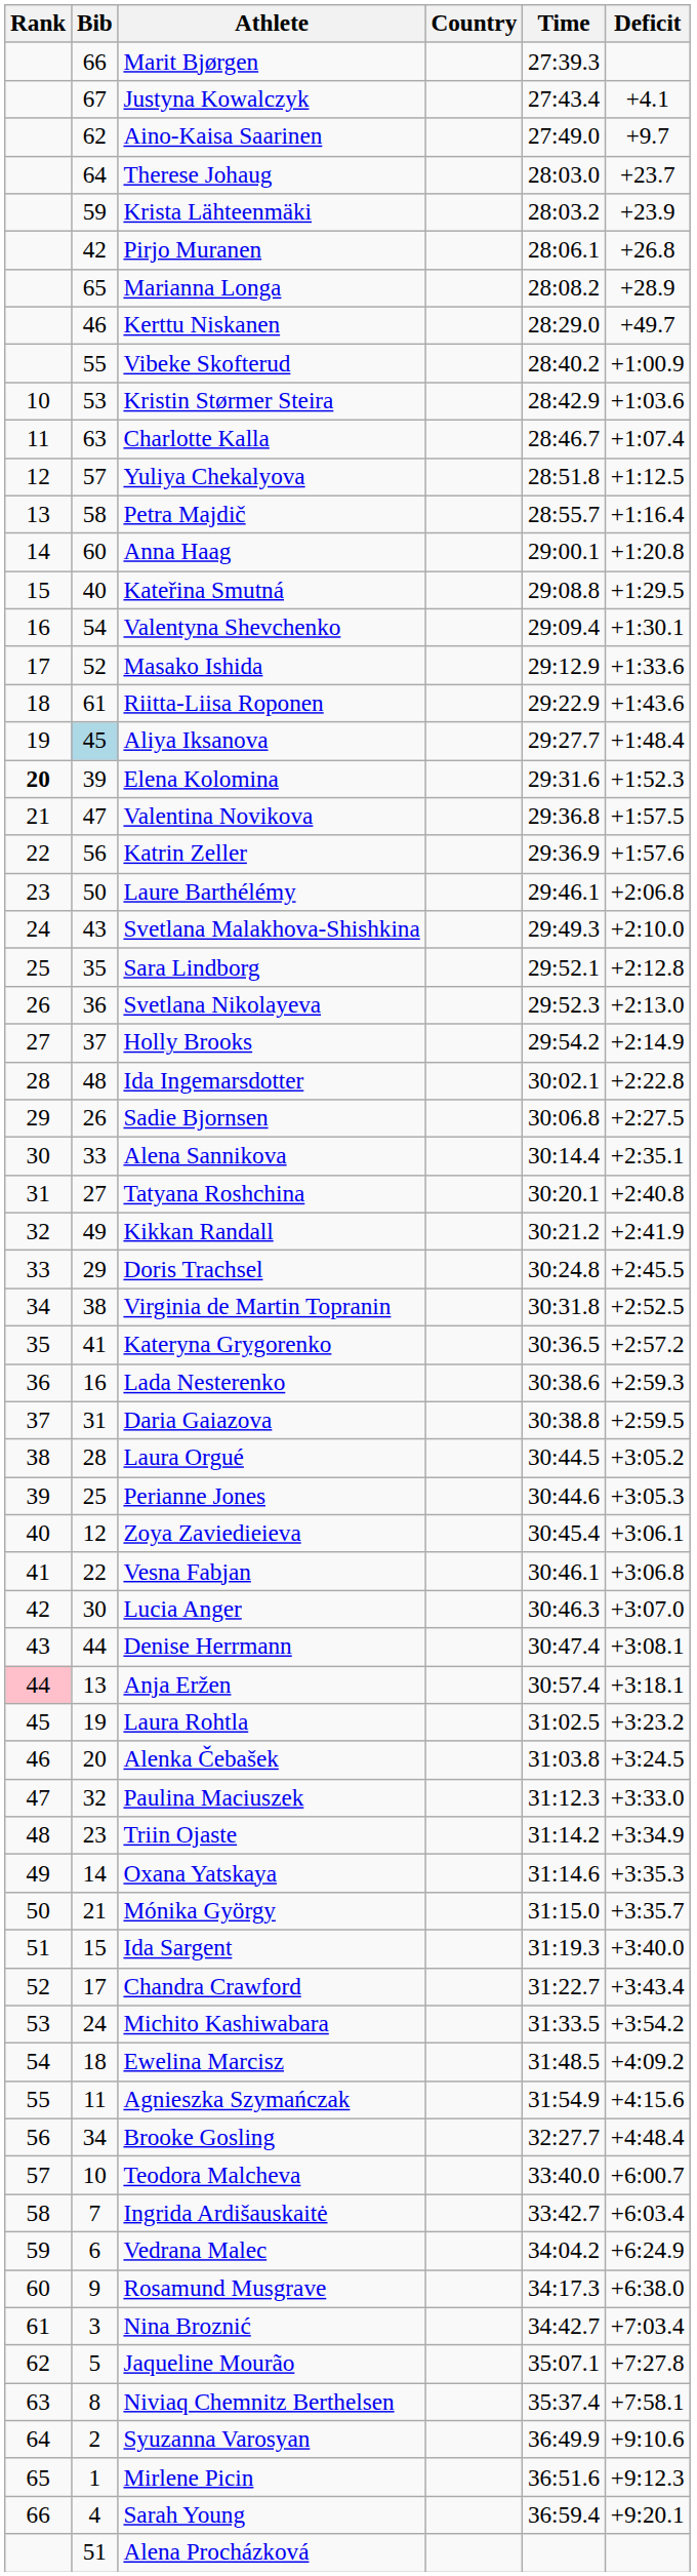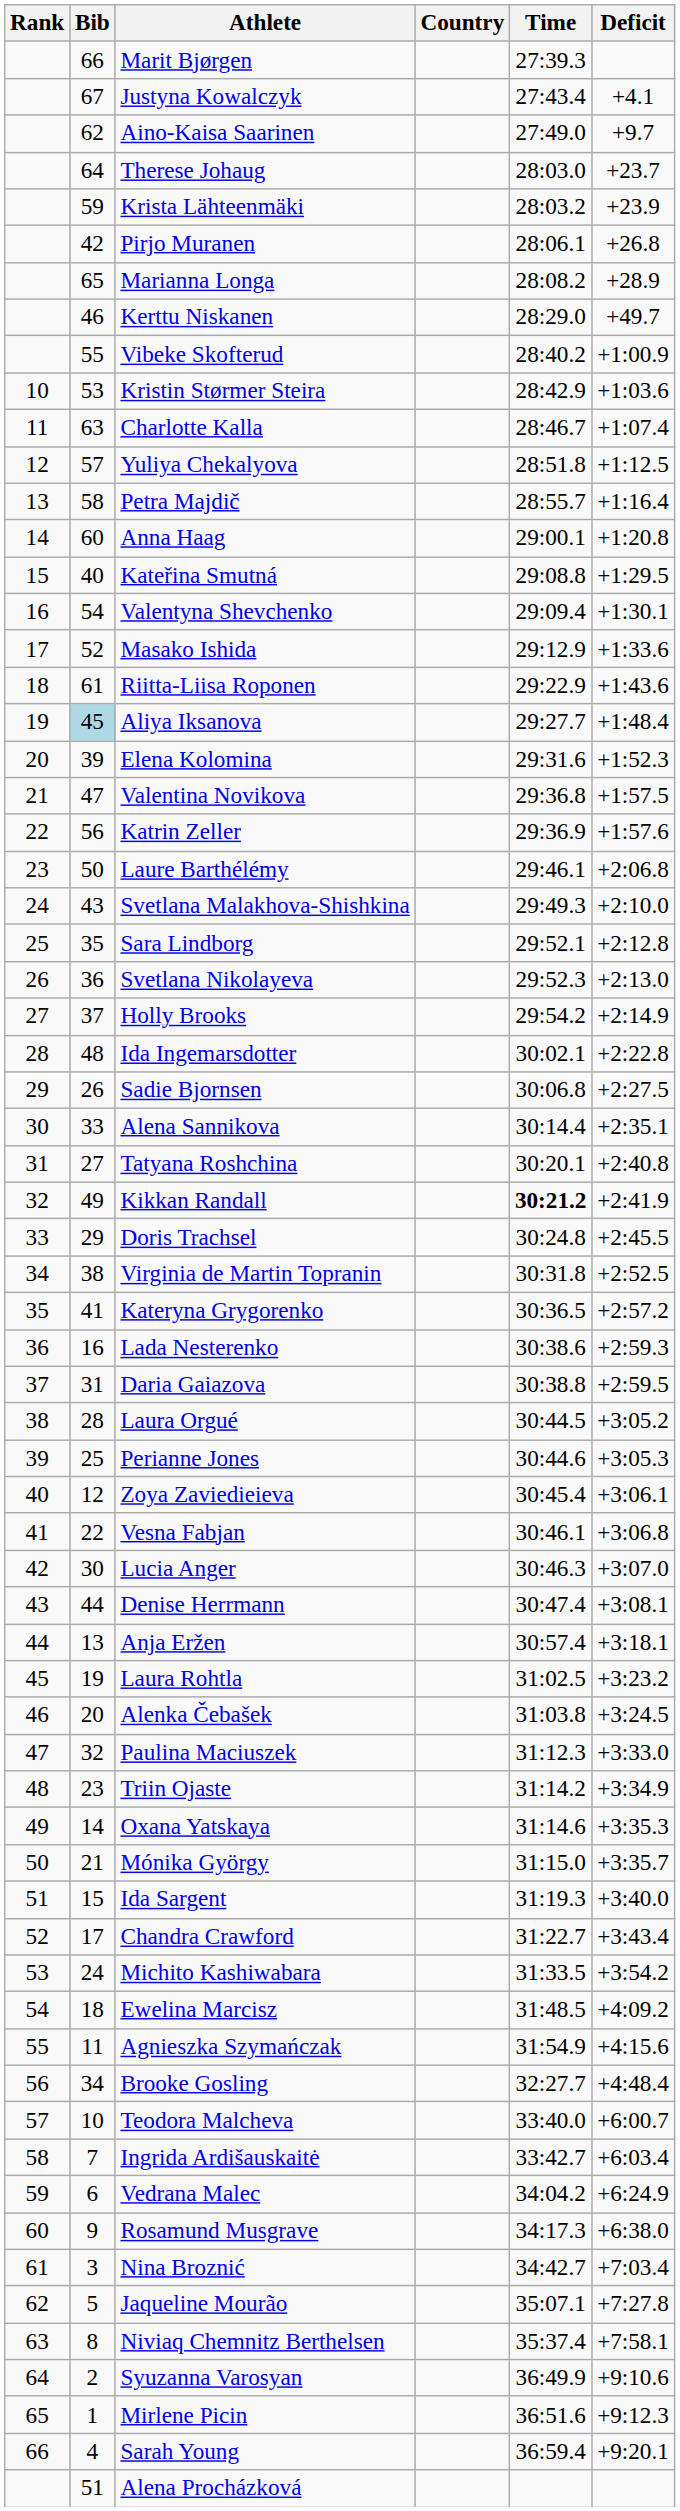 <table class="wikitable sortable" style="text-align:center">
 <tr>
 <th>Rank</th>
 <th>Bib</th>
 <th>Athlete</th>
 <th>Country</th>
 <th>Time</th>
 <th>Deficit</th>
 </tr>
 <tr>
 <td></td>
 <td>66</td>
 <td align=left><a href='#'>Marit Bjørgen</a></td>
 <td align=left></td>
 <td>27:39.3</td>
 <td></td>
 </tr>
 <tr>
 <td></td>
 <td>67</td>
 <td align=left><a href='#'>Justyna Kowalczyk</a></td>
 <td align=left></td>
 <td>27:43.4</td>
 <td>+4.1</td>
 </tr>
 <tr>
 <td></td>
 <td>62</td>
 <td align=left><a href='#'>Aino-Kaisa Saarinen</a></td>
 <td align=left></td>
 <td>27:49.0</td>
 <td>+9.7</td>
 </tr>
 <tr>
 <td></td>
 <td>64</td>
 <td align=left><a href='#'>Therese Johaug</a></td>
 <td align=left></td>
 <td>28:03.0</td>
 <td>+23.7</td>
 </tr>
 <tr>
 <td></td>
 <td>59</td>
 <td align=left><a href='#'>Krista Lähteenmäki</a></td>
 <td align=left></td>
 <td>28:03.2</td>
 <td>+23.9</td>
 </tr>
 <tr>
 <td></td>
 <td>42</td>
 <td align=left><a href='#'>Pirjo Muranen</a></td>
 <td align=left></td>
 <td>28:06.1</td>
 <td>+26.8</td>
 </tr>
 <tr>
 <td></td>
 <td>65</td>
 <td align=left><a href='#'>Marianna Longa</a></td>
 <td align=left></td>
 <td>28:08.2</td>
 <td>+28.9</td>
 </tr>
 <tr http://wikimediafoundation.org/wiki/Terms_of_Use>
 <td></td>
 <td>46</td>
 <td align=left><a href='#'>Kerttu Niskanen</a></td>
 <td align=left></td>
 <td>28:29.0</td>
 <td>+49.7</td>
 </tr>
 <tr>
 <td></td>
 <td>55</td>
 <td align=left><a href='#'>Vibeke Skofterud</a></td>
 <td align=left></td>
 <td>28:40.2</td>
 <td>+1:00.9</td>
 </tr>
 <tr>
 <td>10</td>
 <td>53</td>
 <td align=left><a href='#'>Kristin Størmer Steira</a></td>
 <td align=left></td>
 <td>28:42.9</td>
 <td>+1:03.6</td>
 </tr>
 <tr>
 <td>11</td>
 <td>63</td>
 <td align=left><a href='#'>Charlotte Kalla</a></td>
 <td align=left></td>
 <td>28:46.7</td>
 <td>+1:07.4</td>
 </tr>
 <tr>
 <td>12</td>
 <td>57</td>
 <td align=left><a href='#'>Yuliya Chekalyova</a></td>
 <td align=left></td>
 <td>28:51.8</td>
 <td>+1:12.5</td>
 </tr>
 <tr>
 <td>13</td>
 <td>58</td>
 <td align=left><a href='#'>Petra Majdič</a></td>
 <td align=left></td>
 <td>28:55.7</td>
 <td>+1:16.4</td>
 </tr>
 <tr>
 <td>14</td>
 <td>60</td>
 <td align=left><a href='#'>Anna Haag</a></td>
 <td align=left></td>
 <td>29:00.1</td>
 <td>+1:20.8</td>
 </tr>
 <tr>
 <td>15</td>
 <td>40</td>
 <td align=left><a href='#'>Kateřina Smutná</a></td>
 <td align=left></td>
 <td>29:08.8</td>
 <td>+1:29.5</td>
 </tr>
 <tr>
 <td>16</td>
 <td>54</td>
 <td align=left><a href='#'>Valentyna Shevchenko</a></td>
 <td align=left></td>
 <td>29:09.4</td>
 <td>+1:30.1</td>
 </tr>
 <tr>
 <td>17</td>
 <td>52</td>
 <td align=left><a href='#'>Masako Ishida</a></td>
 <td align=left></td>
 <td>29:12.9</td>
 <td>+1:33.6</td>
 </tr>
 <tr>
 <td>18</td>
 <td>61</td>
 <td align=left><a href='#'>Riitta-Liisa Roponen</a></td>
 <td align=left></td>
 <td>29:22.9</td>
 <td>+1:43.6</td>
 </tr>
 <tr>
 <td>19</td>
 <td style="background: lightblue;">45</td>
 <td align=left><a href='#'>Aliya Iksanova</a></td>
 <td align=left></td>
 <td>29:27.7</td>
 <td>+1:48.4</td>
 </tr>
 <tr>
-<td><strong>20</strong></td>
+<td>20</td>
 <td>39</td>
 <td align=left><a href='#'>Elena Kolomina</a></td>
 <td align=left></td>
 <td>29:31.6</td>
 <td>+1:52.3</td>
 </tr>
 <tr>
 <td>21</td>
 <td>47</td>
 <td align=left><a href='#'>Valentina Novikova</a></td>
 <td align=left></td>
 <td>29:36.8</td>
 <td>+1:57.5</td>
 </tr>
 <tr>
 <td>22</td>
 <td>56</td>
 <td align=left><a href='#'>Katrin Zeller</a></td>
 <td align=left></td>
 <td>29:36.9</td>
 <td>+1:57.6</td>
 </tr>
 <tr>
 <td>23</td>
 <td>50</td>
 <td align=left><a href='#'>Laure Barthélémy</a></td>
 <td align=left></td>
 <td>29:46.1</td>
 <td>+2:06.8</td>
 </tr>
 <tr>
 <td>24</td>
 <td>43</td>
 <td align=left><a href='#'>Svetlana Malakhova-Shishkina</a></td>
 <td align=left></td>
 <td>29:49.3</td>
 <td>+2:10.0</td>
 </tr>
 <tr>
 <td>25</td>
 <td>35</td>
 <td align=left><a href='#'>Sara Lindborg</a></td>
 <td align=left></td>
 <td>29:52.1</td>
 <td>+2:12.8</td>
 </tr>
 <tr>
 <td>26</td>
 <td>36</td>
 <td align=left><a href='#'>Svetlana Nikolayeva</a></td>
 <td align=left></td>
 <td>29:52.3</td>
 <td>+2:13.0</td>
 </tr>
 <tr>
 <td>27</td>
 <td>37</td>
 <td align=left><a href='#'>Holly Brooks</a></td>
 <td align=left></td>
 <td>29:54.2</td>
 <td>+2:14.9</td>
 </tr>
 <tr>
 <td>28</td>
 <td>48</td>
 <td align=left><a href='#'>Ida Ingemarsdotter</a></td>
 <td align=left></td>
 <td>30:02.1</td>
 <td>+2:22.8</td>
 </tr>
 <tr>
 <td>29</td>
 <td>26</td>
 <td align=left><a href='#'>Sadie Bjornsen</a></td>
 <td align=left></td>
 <td>30:06.8</td>
 <td>+2:27.5</td>
 </tr>
 <tr>
 <td>30</td>
 <td>33</td>
 <td align=left><a href='#'>Alena Sannikova</a></td>
 <td align=left></td>
 <td>30:14.4</td>
 <td>+2:35.1</td>
 </tr>
 <tr>
 <td>31</td>
 <td>27</td>
 <td align=left><a href='#'>Tatyana Roshchina</a></td>
 <td align=left></td>
 <td>30:20.1</td>
 <td>+2:40.8</td>
 </tr>
 <tr>
 <td>32</td>
 <td>49</td>
 <td align=left><a href='#'>Kikkan Randall</a></td>
 <td align=left></td>
-<td>30:21.2</td>
+<td><strong>30:21.2</strong></td>
 <td>+2:41.9</td>
 </tr>
 <tr>
 <td>33</td>
 <td>29</td>
 <td align=left><a href='#'>Doris Trachsel</a></td>
 <td align=left></td>
 <td>30:24.8</td>
 <td>+2:45.5</td>
 </tr>
 <tr>
 <td>34</td>
 <td>38</td>
 <td align=left><a href='#'>Virginia de Martin Topranin</a></td>
 <td align=left></td>
 <td>30:31.8</td>
 <td>+2:52.5</td>
 </tr>
 <tr>
 <td>35</td>
 <td>41</td>
 <td align=left><a href='#'>Kateryna Grygorenko</a></td>
 <td align=left></td>
 <td>30:36.5</td>
 <td>+2:57.2</td>
 </tr>
 <tr>
 <td>36</td>
 <td>16</td>
 <td align=left><a href='#'>Lada Nesterenko</a></td>
 <td align=left></td>
 <td>30:38.6</td>
 <td>+2:59.3</td>
 </tr>
 <tr>
 <td>37</td>
 <td>31</td>
 <td align=left><a href='#'>Daria Gaiazova</a></td>
 <td align=left></td>
 <td>30:38.8</td>
 <td>+2:59.5</td>
 </tr>
 <tr>
 <td>38</td>
 <td>28</td>
 <td align=left><a href='#'>Laura Orgué</a></td>
 <td align=left></td>
 <td>30:44.5</td>
 <td>+3:05.2</td>
 </tr>
 <tr>
 <td>39</td>
 <td>25</td>
 <td align=left><a href='#'>Perianne Jones</a></td>
 <td align=left></td>
 <td>30:44.6</td>
 <td>+3:05.3</td>
 </tr>
 <tr>
 <td>40</td>
 <td>12</td>
 <td align=left><a href='#'>Zoya Zaviedieieva</a></td>
 <td align=left></td>
 <td>30:45.4</td>
 <td>+3:06.1</td>
 </tr>
 <tr>
 <td>41</td>
 <td>22</td>
 <td align=left><a href='#'>Vesna Fabjan</a></td>
 <td align=left></td>
 <td>30:46.1</td>
 <td>+3:06.8</td>
 </tr>
 <tr>
 <td>42</td>
 <td>30</td>
 <td align=left><a href='#'>Lucia Anger</a></td>
 <td align=left></td>
 <td>30:46.3</td>
 <td>+3:07.0</td>
 </tr>
 <tr>
 <td>43</td>
 <td>44</td>
 <td align=left><a href='#'>Denise Herrmann</a></td>
 <td align=left></td>
 <td>30:47.4</td>
 <td>+3:08.1</td>
 </tr>
 <tr>
-<td style="background: pink;">44</td>
+<td>44</td>
 <td>13</td>
 <td align=left><a href='#'>Anja Eržen</a></td>
 <td align=left></td>
 <td>30:57.4</td>
 <td>+3:18.1</td>
 </tr>
 <tr>
 <td>45</td>
 <td>19</td>
 <td align=left><a href='#'>Laura Rohtla</a></td>
 <td align=left></td>
 <td>31:02.5</td>
 <td>+3:23.2</td>
 </tr>
 <tr>
 <td>46</td>
 <td>20</td>
 <td align=left><a href='#'>Alenka Čebašek</a></td>
 <td align=left></td>
 <td>31:03.8</td>
 <td>+3:24.5</td>
 </tr>
 <tr>
 <td>47</td>
 <td>32</td>
 <td align=left><a href='#'>Paulina Maciuszek</a></td>
 <td align=left></td>
 <td>31:12.3</td>
 <td>+3:33.0</td>
 </tr>
 <tr>
 <td>48</td>
 <td>23</td>
 <td align=left><a href='#'>Triin Ojaste</a></td>
 <td align=left></td>
 <td>31:14.2</td>
 <td>+3:34.9</td>
 </tr>
 <tr>
 <td>49</td>
 <td>14</td>
 <td align=left><a href='#'>Oxana Yatskaya</a></td>
 <td align=left></td>
 <td>31:14.6</td>
 <td>+3:35.3</td>
 </tr>
 <tr>
 <td>50</td>
 <td>21</td>
 <td align=left><a href='#'>Mónika György</a></td>
 <td align=left></td>
 <td>31:15.0</td>
 <td>+3:35.7</td>
 </tr>
 <tr>
 <td>51</td>
 <td>15</td>
 <td align=left><a href='#'>Ida Sargent</a></td>
 <td align=left></td>
 <td>31:19.3</td>
 <td>+3:40.0</td>
 </tr>
 <tr>
 <td>52</td>
 <td>17</td>
 <td align=left><a href='#'>Chandra Crawford</a></td>
 <td align=left></td>
 <td>31:22.7</td>
 <td>+3:43.4</td>
 </tr>
 <tr>
 <td>53</td>
 <td>24</td>
 <td align=left><a href='#'>Michito Kashiwabara</a></td>
 <td align=left></td>
 <td>31:33.5</td>
 <td>+3:54.2</td>
 </tr>
 <tr>
 <td>54</td>
 <td>18</td>
 <td align=left><a href='#'>Ewelina Marcisz</a></td>
 <td align=left></td>
 <td>31:48.5</td>
 <td>+4:09.2</td>
 </tr>
 <tr>
 <td>55</td>
 <td>11</td>
 <td align=left><a href='#'>Agnieszka Szymańczak</a></td>
 <td align=left></td>
 <td>31:54.9</td>
 <td>+4:15.6</td>
 </tr>
 <tr>
 <td>56</td>
 <td>34</td>
 <td align=left><a href='#'>Brooke Gosling</a></td>
 <td align=left></td>
 <td>32:27.7</td>
 <td>+4:48.4</td>
 </tr>
 <tr>
 <td>57</td>
 <td>10</td>
 <td align=left><a href='#'>Teodora Malcheva</a></td>
 <td align=left></td>
 <td>33:40.0</td>
 <td>+6:00.7</td>
 </tr>
 <tr>
 <td>58</td>
 <td>7</td>
 <td align=left><a href='#'>Ingrida Ardišauskaitė</a></td>
 <td align=left></td>
 <td>33:42.7</td>
 <td>+6:03.4</td>
 </tr>
 <tr>
 <td>59</td>
 <td>6</td>
 <td align=left><a href='#'>Vedrana Malec</a></td>
 <td align=left></td>
 <td>34:04.2</td>
 <td>+6:24.9</td>
 </tr>
 <tr>
 <td>60</td>
 <td>9</td>
 <td align=left><a href='#'>Rosamund Musgrave</a></td>
 <td align=left></td>
 <td>34:17.3</td>
 <td>+6:38.0</td>
 </tr>
 <tr>
 <td>61</td>
 <td>3</td>
 <td align=left><a href='#'>Nina Broznić</a></td>
 <td align=left></td>
 <td>34:42.7</td>
 <td>+7:03.4</td>
 </tr>
 <tr>
 <td>62</td>
 <td>5</td>
 <td align=left><a href='#'>Jaqueline Mourão</a></td>
 <td align=left></td>
 <td>35:07.1</td>
 <td>+7:27.8</td>
 </tr>
 <tr>
 <td>63</td>
 <td>8</td>
 <td align=left><a href='#'>Niviaq Chemnitz Berthelsen</a></td>
 <td align=left></td>
 <td>35:37.4</td>
 <td>+7:58.1</td>
 </tr>
 <tr>
 <td>64</td>
 <td>2</td>
 <td align=left><a href='#'>Syuzanna Varosyan</a></td>
 <td align=left></td>
 <td>36:49.9</td>
 <td>+9:10.6</td>
 </tr>
 <tr>
 <td>65</td>
 <td>1</td>
 <td align=left><a href='#'>Mirlene Picin</a></td>
 <td align=left></td>
 <td>36:51.6</td>
 <td>+9:12.3</td>
 </tr>
 <tr>
 <td>66</td>
 <td>4</td>
 <td align=left><a href='#'>Sarah Young</a></td>
 <td align=left></td>
 <td>36:59.4</td>
 <td>+9:20.1</td>
 </tr>
 <tr>
 <td></td>
 <td>51</td>
 <td align=left><a href='#'>Alena Procházková</a></td>
 <td align=left></td>
 <td></td>
 <td></td>
 </tr>
 </table>
